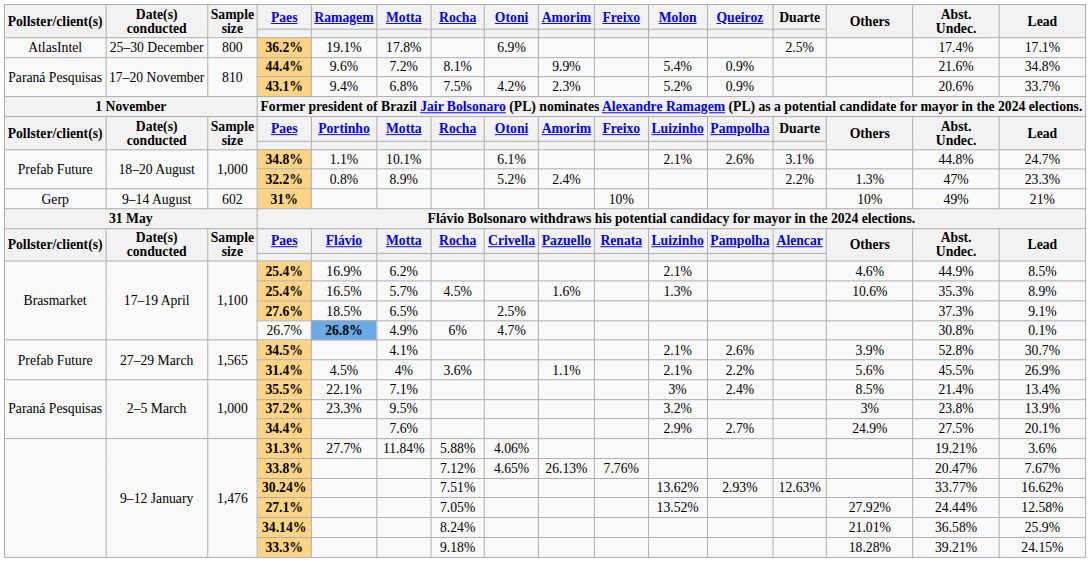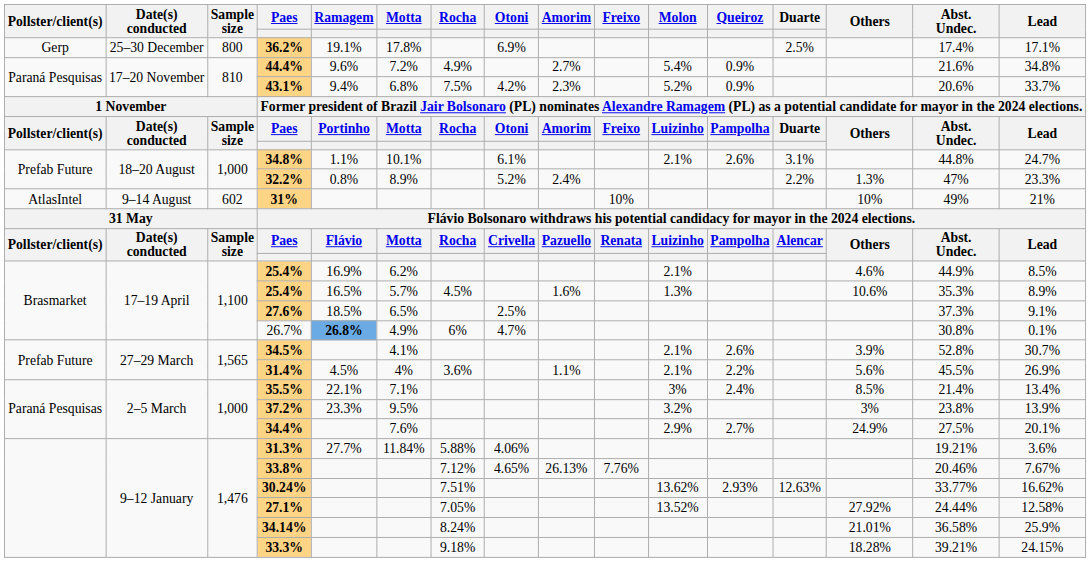 <table class="wikitable" style="text-align:center;font-size:90%;line-height:14px;">
 <tr>
 <th rowspan="2">Pollster/client(s)</th>
 <th rowspan="2">Date(s)<br>conducted</th>
 <th rowspan="2">Sample<br>size</th>
 <th><a href='#'>Paes</a><br></th>
 <th><a href='#'>Ramagem</a><br></th>
 <th><a href='#'>Motta</a><br></th>
 <th><a href='#'>Rocha</a><br></th>
 <th><a href='#'>Otoni</a><br></th>
 <th><a href='#'>Amorim</a><br></th>
 <th><a href='#'>Freixo</a><br></th>
 <th><a href='#'>Molon</a><br></th>
 <th><a href='#'>Queiroz</a><br></th>
 <th>Duarte<br></th>
 <th rowspan="2">Others</th>
 <th rowspan="2">Abst.<br>Undec.</th>
 <th rowspan="2">Lead</th>
 </tr>
 <tr>
 <th class="sortable" data-sort-type="number" style="background:"></th>
 <th class="sortable" data-sort-type="number" style="background:"></th>
 <th class="sortable" data-sort-type="number" style="background:"></th>
 <th class="sortable" data-sort-type="number" style="background:"></th>
 <th class="sortable" data-sort-type="number" style="background:"></th>
 <th class="sortable" data-sort-type="number" style="background:"></th>
 <th class="sortable" data-sort-type="number" style="background:"></th>
 <th class="sortable" data-sort-type="number" style="background:"></th>
 <th class="sortable" data-sort-type="number" style="background:"></th>
 <th class="sortable" data-sort-type="number" style="background:"></th>
 </tr>
 <tr>
-<td>AtlasIntel</td>
+<td>Gerp</td>
 <td>25–30 December</td>
 <td>800</td>
 <td style="background:#ffd485;"><strong>36.2%</strong></td>
 <td>19.1%</td>
 <td>17.8%</td>
 <td></td>
 <td>6.9%</td>
 <td></td>
 <td></td>
 <td></td>
 <td></td>
 <td>2.5%</td>
 <td></td>
 <td>17.4%</td>
 <td style="background:">17.1%</td>
 </tr>
 <tr>
 <td rowspan="2">Paraná Pesquisas</td>
 <td rowspan="2">17–20 November</td>
 <td rowspan="2">810</td>
 <td style="background:#ffd485;"><strong>44.4%</strong></td>
 <td>9.6%</td>
 <td>7.2%</td>
-<td>8.1%</td>
+<td>4.9%</td>
 <td></td>
-<td>9.9%</td>
+<td>2.7%</td>
 <td></td>
 <td>5.4%</td>
 <td>0.9%</td>
 <td></td>
 <td></td>
 <td>21.6%</td>
 <td style="background:">34.8%</td>
 </tr>
 <tr>
 <td style="background:#ffd485;"><strong>43.1%</strong></td>
 <td>9.4%</td>
 <td>6.8%</td>
 <td>7.5%</td>
 <td>4.2%</td>
 <td>2.3%</td>
 <td></td>
 <td>5.2%</td>
 <td>0.9%</td>
 <td></td>
 <td></td>
 <td>20.6%</td>
 <td style="background:">33.7%</td>
 </tr>
 <tr>
 <th colspan="3">1 November</th>
 <th colspan="13">Former president of Brazil <a href='#'>Jair Bolsonaro</a> (PL) nominates <a href='#'>Alexandre Ramagem</a> (PL) as a potential candidate for mayor in the 2024 elections.</th>
 </tr>
 <tr>
 <th rowspan="2">Pollster/client(s)</th>
 <th rowspan="2">Date(s)<br>conducted</th>
 <th rowspan="2">Sample<br>size</th>
 <th><a href='#'>Paes</a><br></th>
 <th><a href='#'>Portinho</a><br></th>
 <th><a href='#'>Motta</a><br></th>
 <th><a href='#'>Rocha</a><br></th>
 <th><a href='#'>Otoni</a><br></th>
 <th><a href='#'>Amorim</a><br></th>
 <th><a href='#'>Freixo</a><br></th>
 <th><a href='#'>Luizinho</a><br></th>
 <th><a href='#'>Pampolha</a><br></th>
 <th>Duarte<br></th>
 <th rowspan="2">Others</th>
 <th rowspan="2">Abst.<br>Undec.</th>
 <th rowspan="2">Lead</th>
 </tr>
 <tr>
 <th class="sortable" data-sort-type="number" style="background:"></th>
 <th class="sortable" data-sort-type="number" style="background:"></th>
 <th class="sortable" data-sort-type="number" style="background:"></th>
 <th class="sortable" data-sort-type="number" style="background:"></th>
 <th class="sortable" data-sort-type="number" style="background:"></th>
 <th class="sortable" data-sort-type="number" style="background:"></th>
 <th class="sortable" data-sort-type="number" style="background:"></th>
 <th class="sortable" data-sort-type="number" style="background:"></th>
 <th class="sortable" data-sort-type="number" style="background:"></th>
 <th class="sortable" data-sort-type="number" style="background:"></th>
 </tr>
 <tr>
 <td rowspan="2">Prefab Future</td>
 <td rowspan="2">18–20 August</td>
 <td rowspan="2">1,000</td>
 <td style="background:#ffd485;"><strong>34.8%</strong></td>
 <td>1.1%</td>
 <td>10.1%</td>
 <td></td>
 <td>6.1%</td>
 <td></td>
 <td></td>
 <td>2.1%</td>
 <td>2.6%</td>
 <td>3.1%</td>
 <td></td>
 <td>44.8%</td>
 <td style="background:">24.7%</td>
 </tr>
 <tr>
 <td style="background:#ffd485;"><strong>32.2%</strong></td>
 <td>0.8%</td>
 <td>8.9%</td>
 <td></td>
 <td>5.2%</td>
 <td>2.4%</td>
 <td></td>
 <td></td>
 <td></td>
 <td>2.2%</td>
 <td>1.3%</td>
 <td>47%</td>
 <td style="background:">23.3%</td>
 </tr>
 <tr>
-<td>Gerp</td>
+<td>AtlasIntel</td>
 <td>9–14 August</td>
 <td>602</td>
 <td style="background:#ffd485;"><strong>31%</strong></td>
 <td></td>
 <td></td>
 <td></td>
 <td></td>
 <td></td>
 <td>10%</td>
 <td></td>
 <td></td>
 <td></td>
 <td>10%</td>
 <td>49%</td>
 <td style="background:">21%</td>
 </tr>
 <tr>
 <th colspan="3">31 May</th>
 <th colspan="13">Flávio Bolsonaro withdraws his potential candidacy for mayor in the 2024 elections.</th>
 </tr>
 <tr>
 <th rowspan="2">Pollster/client(s)</th>
 <th rowspan="2">Date(s)<br>conducted</th>
 <th rowspan="2">Sample<br>size</th>
 <th class="unsortable" style="width:50px;"><a href='#'>Paes</a><br></th>
 <th class="unsortable" style="width:50px;"><a href='#'>Flávio</a><br></th>
 <th class="unsortable" style="width:50px;"><a href='#'>Motta</a><br></th>
 <th class="unsortable" style="width:50px;"><a href='#'>Rocha</a><br></th>
 <th class="unsortable" style="width:50px;"><a href='#'>Crivella</a><br></th>
 <th class="unsortable" style="width:50px;"><a href='#'>Pazuello</a><br></th>
 <th class="unsortable" style="width:50px;"><a href='#'>Renata</a><br></th>
 <th class="unsortable" style="width:50px;"><a href='#'>Luizinho</a><br></th>
 <th class="unsortable" style="width:50px;"><a href='#'>Pampolha</a><br></th>
 <th class="unsortable" style="width:50px;"><a href='#'>Alencar</a><br></th>
 <th rowspan="2" class="unsortable">Others</th>
 <th rowspan="2" class="unsortable">Abst.<br>Undec.</th>
 <th rowspan="2" data-sort-type="number">Lead</th>
 </tr>
 <tr>
 <th class="sortable" data-sort-type="number" style="background:"></th>
 <th class="sortable" data-sort-type="number" style="background:"></th>
 <th class="sortable" data-sort-type="number" style="background:"></th>
 <th class="sortable" data-sort-type="number" style="background:"></th>
 <th class="sortable" data-sort-type="number" style="background:"></th>
 <th class="sortable" data-sort-type="number" style="background:"></th>
 <th class="sortable" data-sort-type="number" style="background:"></th>
 <th class="sortable" data-sort-type="number" style="background:"></th>
 <th class="sortable" data-sort-type="number" style="background:"></th>
 <th class="sortable" data-sort-type="number" style="background:"></th>
 </tr>
 <tr>
 <td rowspan="4">Brasmarket</td>
 <td rowspan="4">17–19 April</td>
 <td rowspan="4">1,100</td>
 <td style="background:#ffd485;"><strong>25.4%</strong></td>
 <td>16.9%</td>
 <td>6.2%</td>
 <td></td>
 <td></td>
 <td></td>
 <td></td>
 <td>2.1%</td>
 <td></td>
 <td></td>
 <td>4.6%</td>
 <td>44.9%</td>
 <td style="background:">8.5%</td>
 </tr>
 <tr>
 <td style="background:#ffd485;"><strong>25.4%</strong></td>
 <td>16.5%</td>
 <td>5.7%</td>
 <td>4.5%</td>
 <td></td>
 <td>1.6%</td>
 <td></td>
 <td>1.3%</td>
 <td></td>
 <td></td>
 <td>10.6%</td>
 <td>35.3%</td>
 <td style="background:">8.9%</td>
 </tr>
 <tr>
 <td style="background:#ffd485;"><strong>27.6%</strong></td>
 <td>18.5%</td>
 <td>6.5%</td>
 <td></td>
 <td>2.5%</td>
 <td></td>
 <td></td>
 <td></td>
 <td></td>
 <td></td>
 <td></td>
 <td>37.3%</td>
 <td style="background:">9.1%</td>
 </tr>
 <tr>
 <td>26.7%</td>
 <td style="background:#6aabe5;"><strong>26.8%</strong></td>
 <td>4.9%</td>
 <td>6%</td>
 <td>4.7%</td>
 <td></td>
 <td></td>
 <td></td>
 <td></td>
 <td></td>
 <td></td>
 <td>30.8%</td>
 <td style="background:">0.1%</td>
 </tr>
 <tr>
 <td rowspan="2">Prefab Future</td>
 <td rowspan="2">27–29 March</td>
 <td rowspan="2">1,565</td>
 <td style="background:#ffd485;"><strong>34.5%</strong></td>
 <td></td>
 <td>4.1%</td>
 <td></td>
 <td></td>
 <td></td>
 <td></td>
 <td>2.1%</td>
 <td>2.6%</td>
 <td></td>
 <td>3.9%</td>
 <td>52.8%</td>
 <td style="background:">30.7%</td>
 </tr>
 <tr>
 <td style="background:#ffd485;"><strong>31.4%</strong></td>
 <td>4.5%</td>
 <td>4%</td>
 <td>3.6%</td>
 <td></td>
 <td>1.1%</td>
 <td></td>
 <td>2.1%</td>
 <td>2.2%</td>
 <td></td>
 <td>5.6%</td>
 <td>45.5%</td>
 <td style="background:">26.9%</td>
 </tr>
 <tr>
 <td rowspan="3">Paraná Pesquisas</td>
 <td rowspan="3">2–5 March</td>
 <td rowspan="3">1,000</td>
 <td style="background:#ffd485;"><strong>35.5%</strong></td>
 <td>22.1%</td>
 <td>7.1%</td>
 <td></td>
 <td></td>
 <td></td>
 <td></td>
 <td>3%</td>
 <td>2.4%</td>
 <td></td>
 <td>8.5%</td>
 <td>21.4%</td>
 <td style="background:">13.4%</td>
 </tr>
 <tr>
 <td style="background:#ffd485;"><strong>37.2%</strong></td>
 <td>23.3%</td>
 <td>9.5%</td>
 <td></td>
 <td></td>
 <td></td>
 <td></td>
 <td>3.2%</td>
 <td></td>
 <td></td>
 <td>3%</td>
 <td>23.8%</td>
 <td style="background:">13.9%</td>
 </tr>
 <tr>
 <td style="background:#ffd485;"><strong>34.4%</strong></td>
 <td></td>
 <td>7.6%</td>
 <td></td>
 <td></td>
 <td></td>
 <td></td>
 <td>2.9%</td>
 <td>2.7%</td>
 <td></td>
 <td>24.9%</td>
 <td>27.5%</td>
 <td style="background:">20.1%</td>
 </tr>
 <tr>
 <td rowspan="6"></td>
 <td rowspan="6">9–12 January</td>
 <td rowspan="6">1,476</td>
 <td style="background:#ffd485;"><strong>31.3%</strong></td>
 <td>27.7%</td>
 <td>11.84%</td>
 <td>5.88%</td>
 <td>4.06%</td>
 <td></td>
 <td></td>
 <td></td>
 <td></td>
 <td></td>
 <td></td>
 <td>19.21%</td>
 <td style="background:">3.6%</td>
 </tr>
 <tr>
 <td style="background:#ffd485;"><strong>33.8%</strong></td>
 <td></td>
 <td></td>
 <td>7.12%</td>
 <td>4.65%</td>
 <td>26.13%</td>
 <td>7.76%</td>
 <td></td>
 <td></td>
 <td></td>
 <td></td>
-<td>20.47%</td>
+<td>20.46%</td>
 <td style="background:">7.67%</td>
 </tr>
 <tr>
 <td style="background:#ffd485;"><strong>30.24%</strong></td>
 <td></td>
 <td></td>
 <td>7.51%</td>
 <td></td>
 <td></td>
 <td></td>
 <td>13.62%</td>
 <td>2.93%</td>
 <td>12.63%</td>
 <td></td>
 <td>33.77%</td>
 <td style="background:">16.62%</td>
 </tr>
 <tr>
 <td style="background:#ffd485;"><strong>27.1%</strong></td>
 <td></td>
 <td></td>
 <td>7.05%</td>
 <td></td>
 <td></td>
 <td></td>
 <td>13.52%</td>
 <td></td>
 <td></td>
 <td>27.92%</td>
 <td>24.44%</td>
 <td style="background:">12.58%</td>
 </tr>
 <tr>
 <td style="background:#ffd485;"><strong>34.14%</strong></td>
 <td></td>
 <td></td>
 <td>8.24%</td>
 <td></td>
 <td></td>
 <td></td>
 <td></td>
 <td></td>
 <td></td>
 <td>21.01%</td>
 <td>36.58%</td>
 <td style="background:">25.9%</td>
 </tr>
 <tr>
 <td style="background:#ffd485;"><strong>33.3%</strong></td>
 <td></td>
 <td></td>
 <td>9.18%</td>
 <td></td>
 <td></td>
 <td></td>
 <td></td>
 <td></td>
 <td></td>
 <td>18.28%</td>
 <td>39.21%</td>
 <td style="background:">24.15%</td>
 </tr>
 </table>
